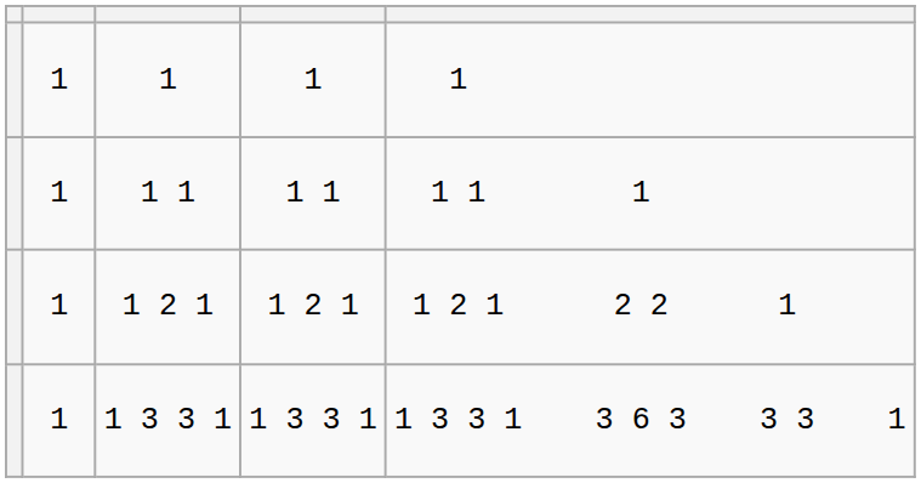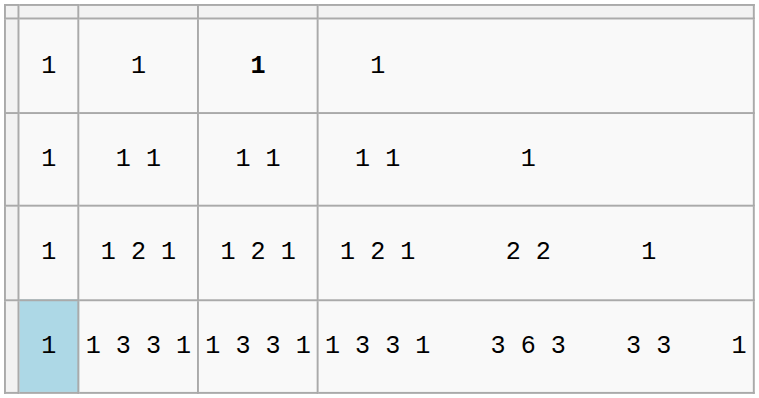 <table class="wikitable">
 <tr>
 <th></th>
 <th></th>
 <th></th>
 <th></th>
 <th></th>
 </tr>
 <tr>
 <th></th>
 <td><pre> 1 </pre></td>
 <td><pre>   1</pre></td>
-<td><pre>   1</pre></td>
+<td><strong><pre>   1</pre></strong></td>
 <td><pre>   1</pre></td>
 </tr>
 <tr>
 <th></th>
 <td><pre> 1 </pre></td>
 <td><pre>  1 1</pre></td>
 <td><pre>  1 1<br></td>
 <td><pre>  1 1        1<br></td>
 </tr>
 <tr>
 <th></th>
 <td><pre> 1 </pre></td>
 <td><pre> 1 2 1</pre></td>
 <td><pre> 1 2 1<br></td>
 <td><pre> 1 2 1      2 2      1<br></td>
 </tr>
 <tr>
 <th></th>
-<td><pre> 1 </pre></td>
+<td style="background: lightblue;"><pre> 1 </pre></td>
 <td><pre>1 3 3 1</pre></td>
 <td><pre>1 3 3 1<br></td>
 <td><pre>1 3 3 1    3 6 3    3 3    1<br></td>
 </tr>
 </table>
